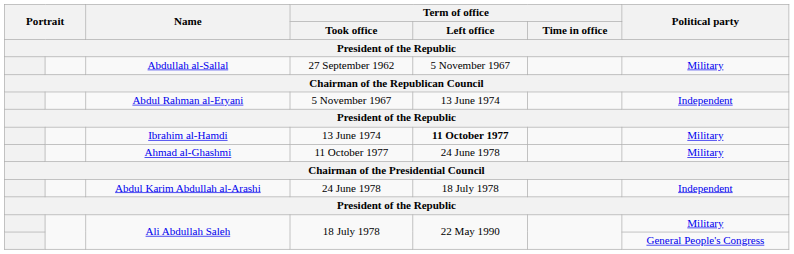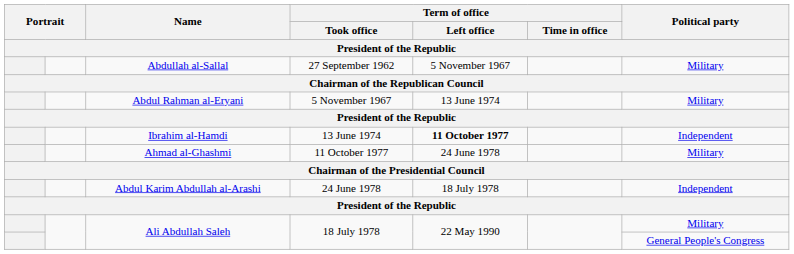 <table class="wikitable" style="text-align:center; border:1px #aaf solid; width:90%;">
 <tr>
 <th rowspan="2" colspan="2" width="80px">Portrait</th>
 <th rowspan="2">Name<br></th>
 <th colspan="3">Term of office</th>
 <th rowspan="2">Political party</th>
 </tr>
 <tr>
 <th>Took office</th>
 <th>Left office</th>
 <th>Time in office</th>
 </tr>
 <tr>
 <th colspan="7">President of the Republic</th>
 </tr>
 <tr>
 <th style="background:"></th>
 <td></td>
 <td><a href='#'>Abdullah al-Sallal</a><br></td>
 <td>27 September 1962</td>
 <td>5 November 1967<br></td>
 <td></td>
 <td><a href='#'>Military</a></td>
 </tr>
 <tr>
 <th colspan="7">Chairman of the Republican Council</th>
 </tr>
 <tr>
 <th style="background:"></th>
 <td></td>
 <td><a href='#'>Abdul Rahman al-Eryani</a><br></td>
 <td>5 November 1967</td>
 <td>13 June 1974<br></td>
 <td></td>
-<td><a href='#'>Independent</a></td>
+<td><a href='#'>Military</a></td>
 </tr>
 <tr>
 <th colspan="7">President of the Republic</th>
 </tr>
 <tr>
 <th style="background:"></th>
 <td></td>
 <td><a href='#'>Ibrahim al-Hamdi</a><br></td>
 <td>13 June 1974</td>
 <td><strong>11 October 1977<br></strong></td>
 <td></td>
-<td><a href='#'>Military</a></td>
+<td><a href='#'>Independent</a></td>
 </tr>
 <tr>
 <th style="background:"></th>
 <td></td>
 <td><a href='#'>Ahmad al-Ghashmi</a><br></td>
 <td>11 October 1977</td>
 <td>24 June 1978<br></td>
 <td></td>
 <td><a href='#'>Military</a></td>
 </tr>
 <tr>
 <th colspan="7">Chairman of the Presidential Council</th>
 </tr>
 <tr>
 <th style="background:"></th>
 <td></td>
 <td><a href='#'>Abdul Karim Abdullah al-Arashi</a><br></td>
 <td>24 June 1978</td>
 <td>18 July 1978</td>
 <td></td>
 <td><a href='#'>Independent</a></td>
 </tr>
 <tr>
 <th colspan="7">President of the Republic</th>
 </tr>
 <tr>
 <th style="background:"></th>
 <td rowspan=2></td>
 <td rowspan=2><a href='#'>Ali Abdullah Saleh</a><br></td>
 <td rowspan=2>18 July 1978</td>
 <td rowspan=2>22 May 1990</td>
 <td rowspan=2></td>
 <td><a href='#'>Military</a><br></td>
 </tr>
 <tr>
 <th style="background:"></th>
 <td><a href='#'>General People's Congress</a></td>
 </tr>
 </table>
